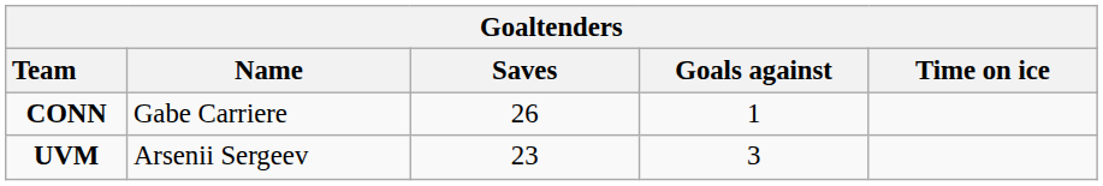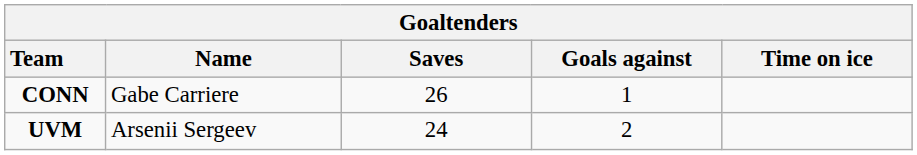 <table class="wikitable" style="width:40em; text-align:right;">
 <tr>
 <th colspan=5>Goaltenders</th>
 </tr>
 <tr>
 <th style="width:4em; text-align:left;">Team</th>
 <th style="width:10em;">Name</th>
 <th style="width:8em;">Saves</th>
 <th style="width:8em;">Goals against</th>
 <th style="width:8em;">Time on ice</th>
 </tr>
 <tr>
 <td align=center><strong>CONN</strong></td>
 <td style="text-align:left;">Gabe Carriere</td>
 <td align=center>26</td>
 <td align=center>1</td>
 <td align=center></td>
 </tr>
 <tr>
 <td align=center><strong>UVM</strong></td>
 <td style="text-align:left;">Arsenii Sergeev</td>
-<td align=center>23</td>
-<td align=center>3</td>
+<td align=center>24</td>
+<td align=center>2</td>
 <td align=center></td>
 </tr>
 </table>
